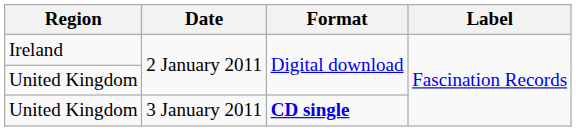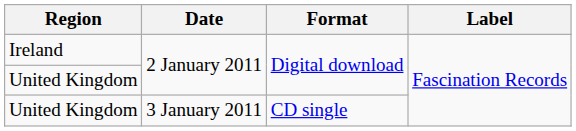 <table class="wikitable">
 <tr>
 <th>Region</th>
 <th>Date</th>
 <th>Format</th>
 <th>Label</th>
 </tr>
 <tr>
 <td>Ireland</td>
 <td rowspan="2">2 January 2011</td>
 <td rowspan="2"><a href='#'>Digital download</a></td>
 <td rowspan="3"><a href='#'>Fascination Records</a></td>
 </tr>
 <tr>
 <td>United Kingdom</td>
 </tr>
 <tr>
 <td>United Kingdom</td>
 <td>3 January 2011</td>
-<td><strong><a href='#'>CD single</a></strong></td>
+<td><a href='#'>CD single</a></td>
 </tr>
 </table>
